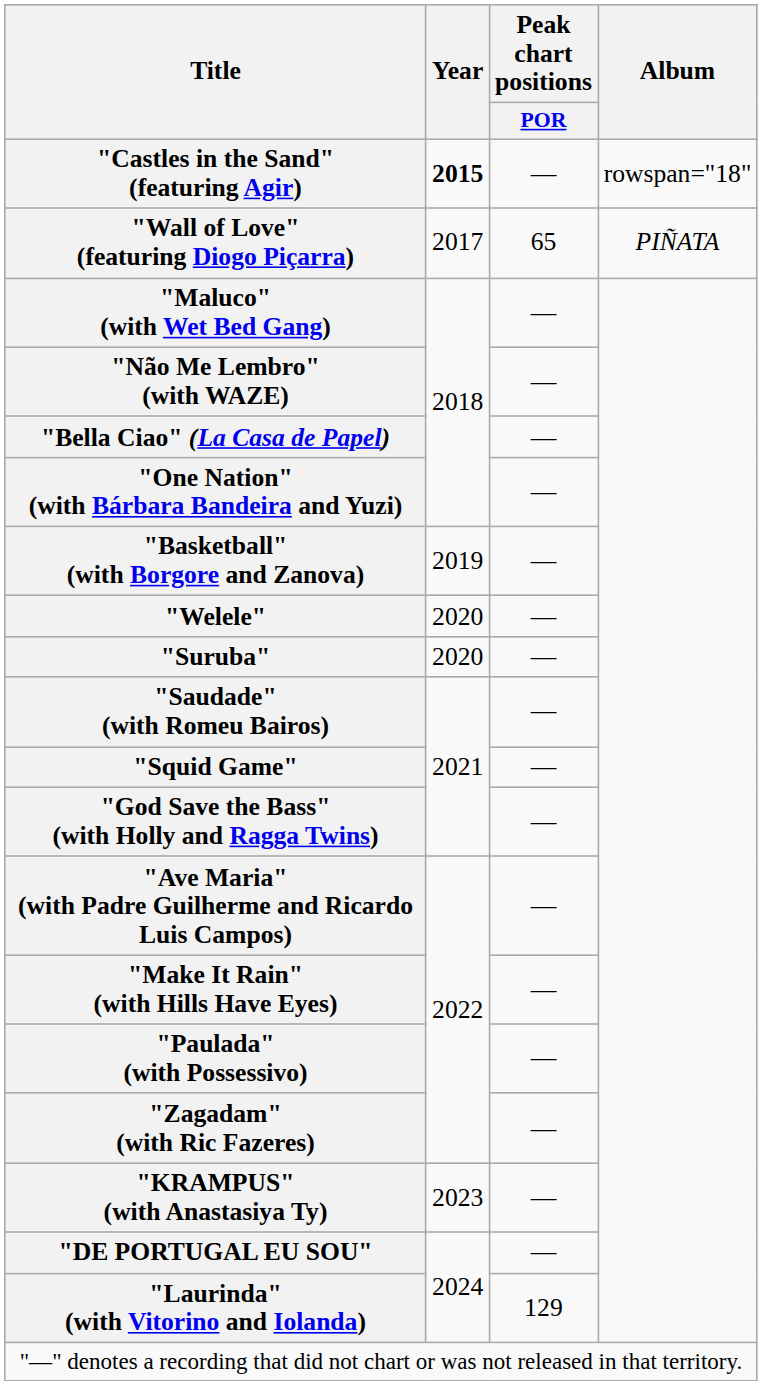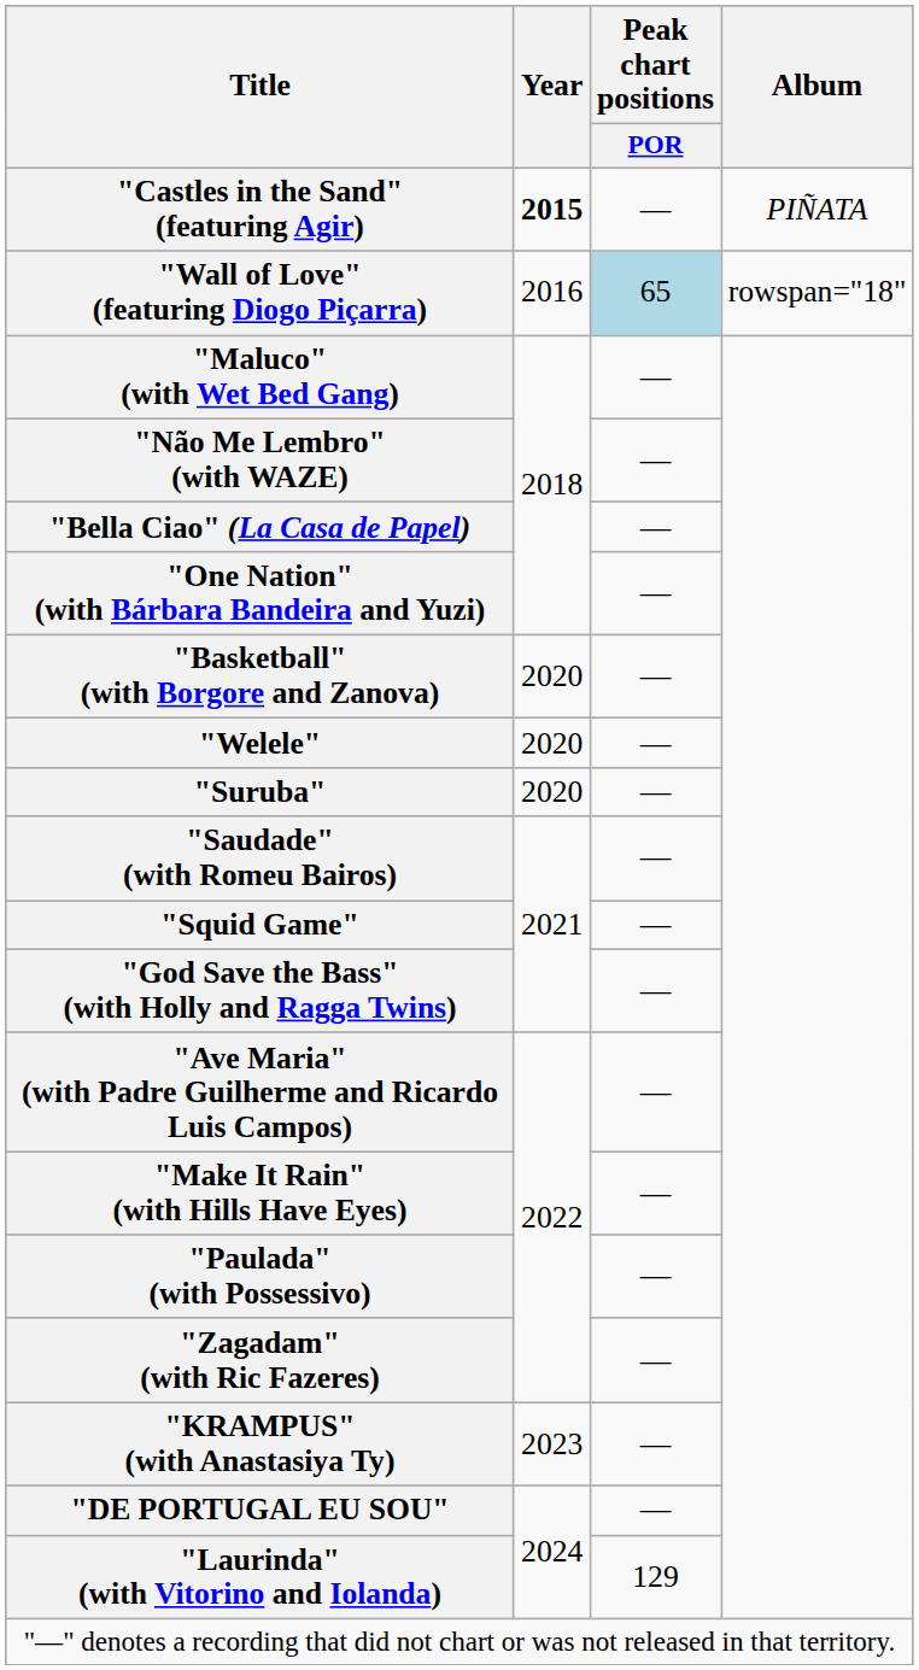 <table class="wikitable plainrowheaders" style="text-align:center;" border="1">
 <tr>
 <th scope="col" rowspan="2" style="width:16em;">Title</th>
 <th scope="col" rowspan="2" style="width:1em;">Year</th>
 <th scope="col">Peak chart positions</th>
 <th scope="col" rowspan="2">Album</th>
 </tr>
 <tr>
 <th scope="col" style="width:3em;font-size:85%;"><a href='#'>POR</a><br></th>
 </tr>
 <tr>
 <th scope="row">"Castles in the Sand"<br><span>(featuring <a href='#'>Agir</a>)</span></th>
 <td><strong>2015</strong></td>
 <td>—</td>
-<td>rowspan="18" </td>
+<td><em>PIÑATA</em></td>
 </tr>
 <tr>
 <th scope="row">"Wall of Love"<br><span>(featuring <a href='#'>Diogo Piçarra</a>)</span></th>
-<td>2017</td>
-<td>65</td>
-<td><em>PIÑATA</em></td>
+<td>2016</td>
+<td style="background: lightblue;">65</td>
+<td>rowspan="18" </td>
 </tr>
 <tr>
 <th scope="row">"Maluco"<br><span>(with <a href='#'>Wet Bed Gang</a>)</span></th>
 <td rowspan="4">2018</td>
 <td>—</td>
 </tr>
 <tr>
 <th scope="row">"Não Me Lembro"<br><span>(with WAZE)</span></th>
 <td>—</td>
 </tr>
 <tr>
 <th scope="row">"Bella Ciao" <span><em>(<a href='#'>La Casa de Papel</a>)</em></span></th>
 <td>—</td>
 </tr>
 <tr>
 <th scope="row">"One Nation"<br><span>(with <a href='#'>Bárbara Bandeira</a> and Yuzi)</span></th>
 <td>—</td>
 </tr>
 <tr>
 <th scope="row">"Basketball"<br><span>(with <a href='#'>Borgore</a> and Zanova)</span></th>
-<td>2019</td>
+<td>2020</td>
 <td>—</td>
 </tr>
 <tr>
 <th scope="row">"Welele"<br></th>
 <td>2020</td>
 <td>—</td>
 </tr>
 <tr>
 <th scope="row">"Suruba"<br></th>
 <td>2020</td>
 <td>—</td>
 </tr>
 <tr>
 <th scope="row">"Saudade"<br><span>(with Romeu Bairos)</span></th>
 <td rowspan="3">2021</td>
 <td>—</td>
 </tr>
 <tr>
 <th scope="row">"Squid Game"<br></th>
 <td>—</td>
 </tr>
 <tr>
 <th scope="row">"God Save the Bass"<br><span>(with Holly and <a href='#'>Ragga Twins</a>)</span></th>
 <td>—</td>
 </tr>
 <tr>
 <th scope="row">"Ave Maria"<br><span>(with Padre Guilherme and Ricardo Luis Campos)</span></th>
 <td rowspan="4">2022</td>
 <td>—</td>
 </tr>
 <tr>
 <th scope="row">"Make It Rain"<br><span>(with Hills Have Eyes)</span></th>
 <td>—</td>
 </tr>
 <tr>
 <th scope="row">"Paulada"<br><span>(with Possessivo)</span></th>
 <td>—</td>
 </tr>
 <tr>
 <th scope="row">"Zagadam"<br><span>(with Ric Fazeres)</span></th>
 <td>—</td>
 </tr>
 <tr>
 <th scope="row">"KRAMPUS"<br><span>(with Anastasiya Ty)</span></th>
 <td>2023</td>
 <td>—</td>
 </tr>
 <tr>
 <th scope="row">"DE PORTUGAL EU SOU"</th>
 <td rowspan="2">2024</td>
 <td>—</td>
 </tr>
 <tr>
 <th scope="row">"Laurinda"<br><span>(with <a href='#'>Vitorino</a> and <a href='#'>Iolanda</a>)</span></th>
 <td>129</td>
 </tr>
 <tr>
 <td colspan="4" style="font-size:90%">"—" denotes a recording that did not chart or was not released in that territory.</td>
 </tr>
 </table>
